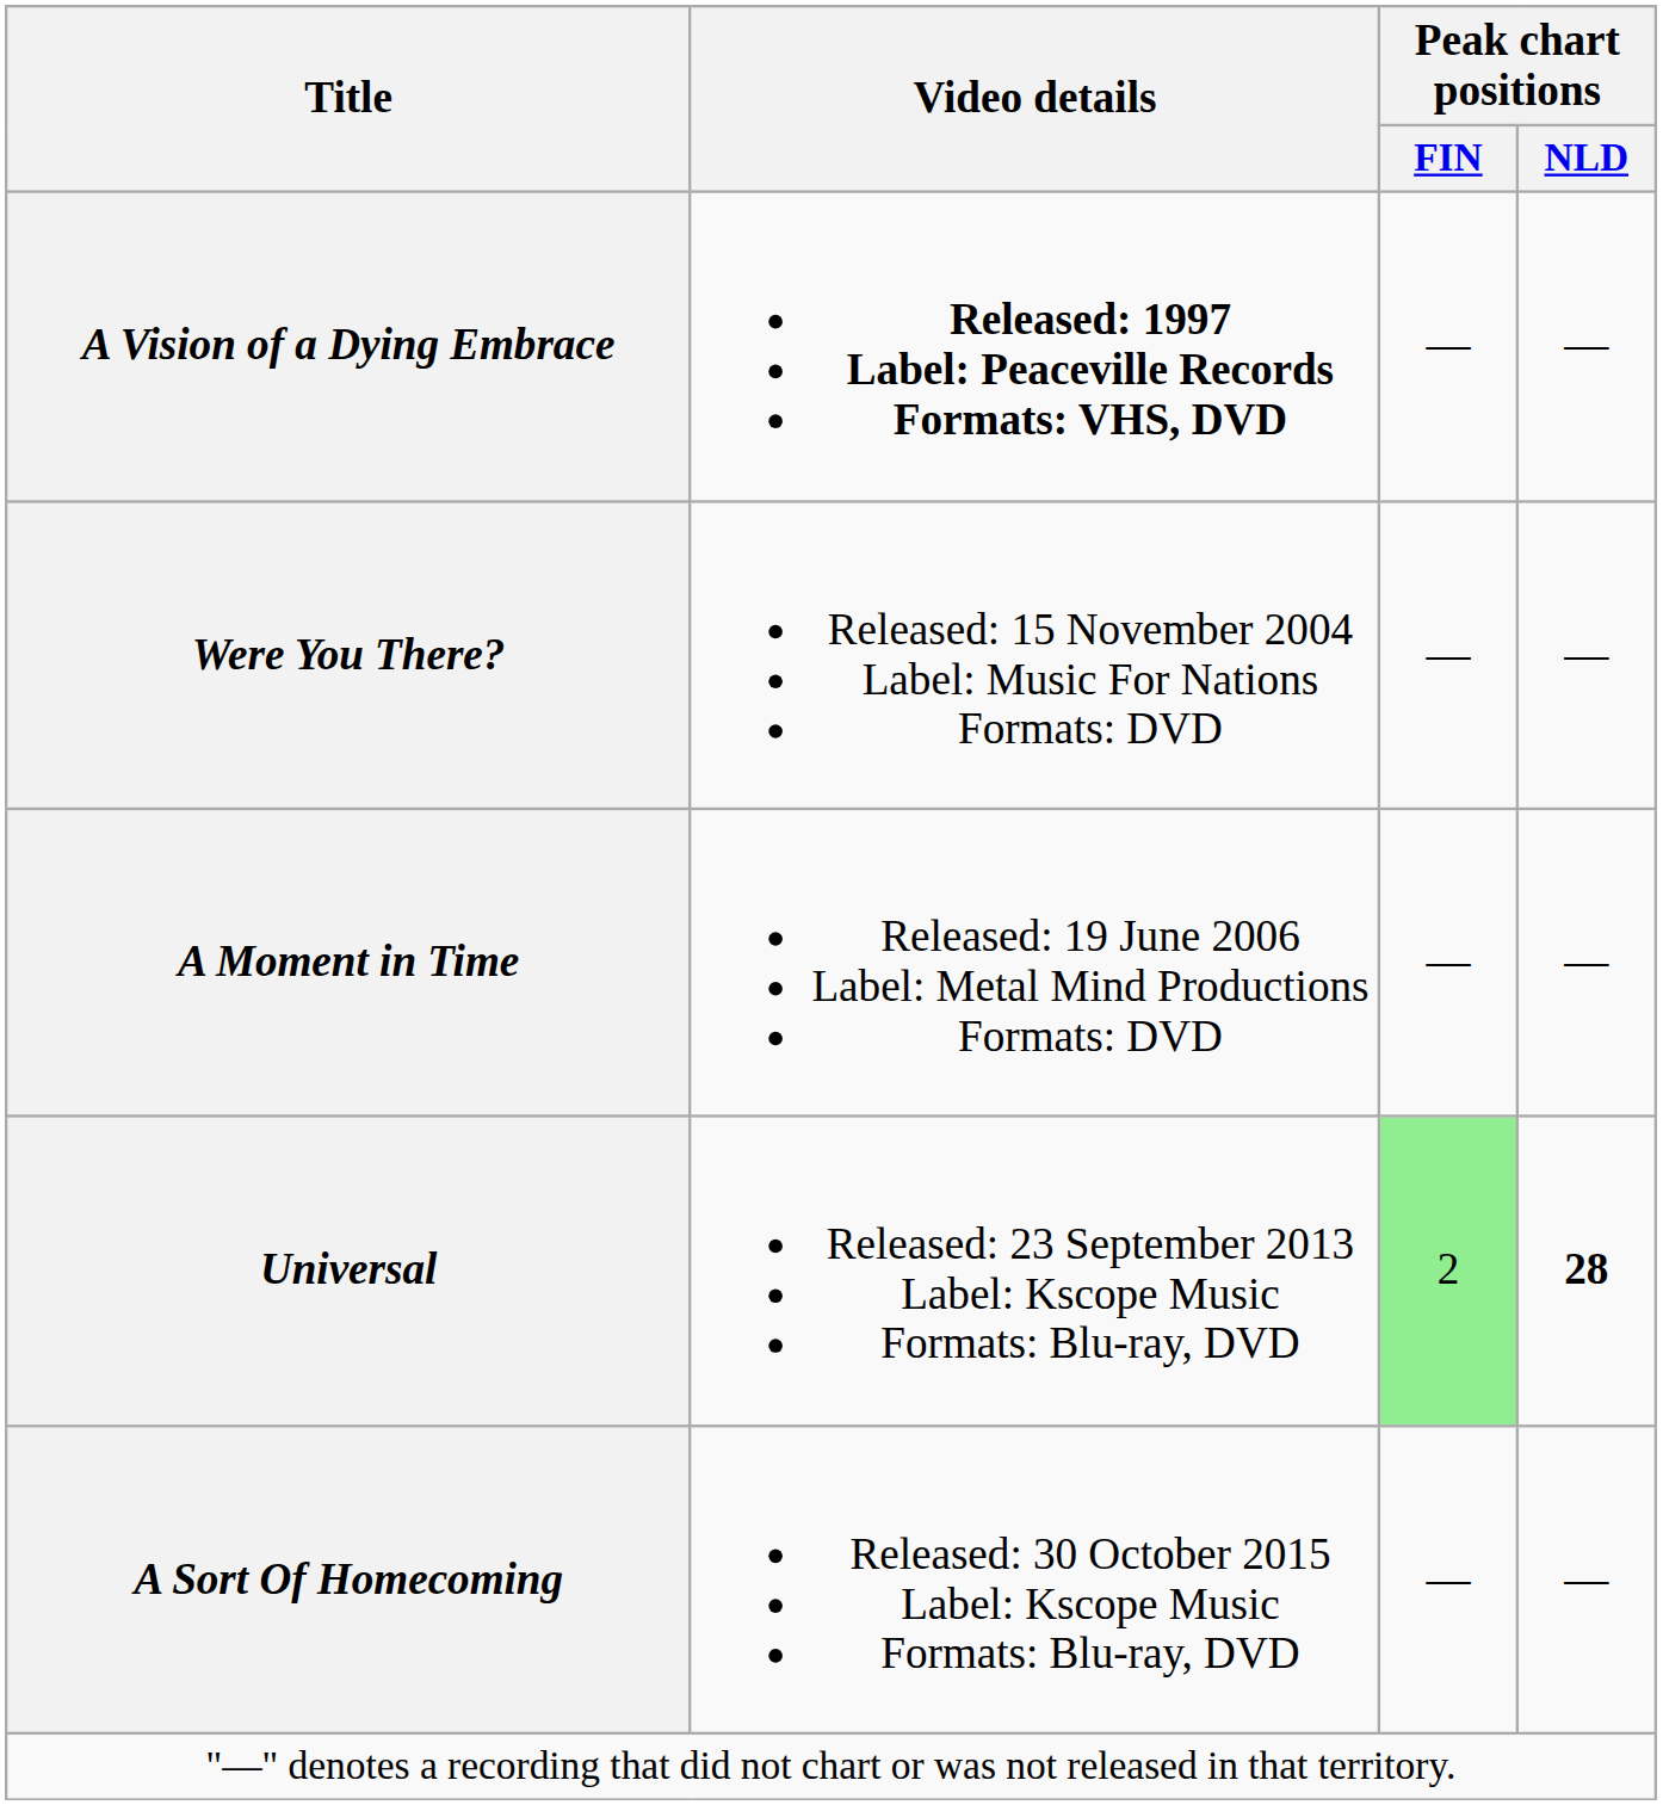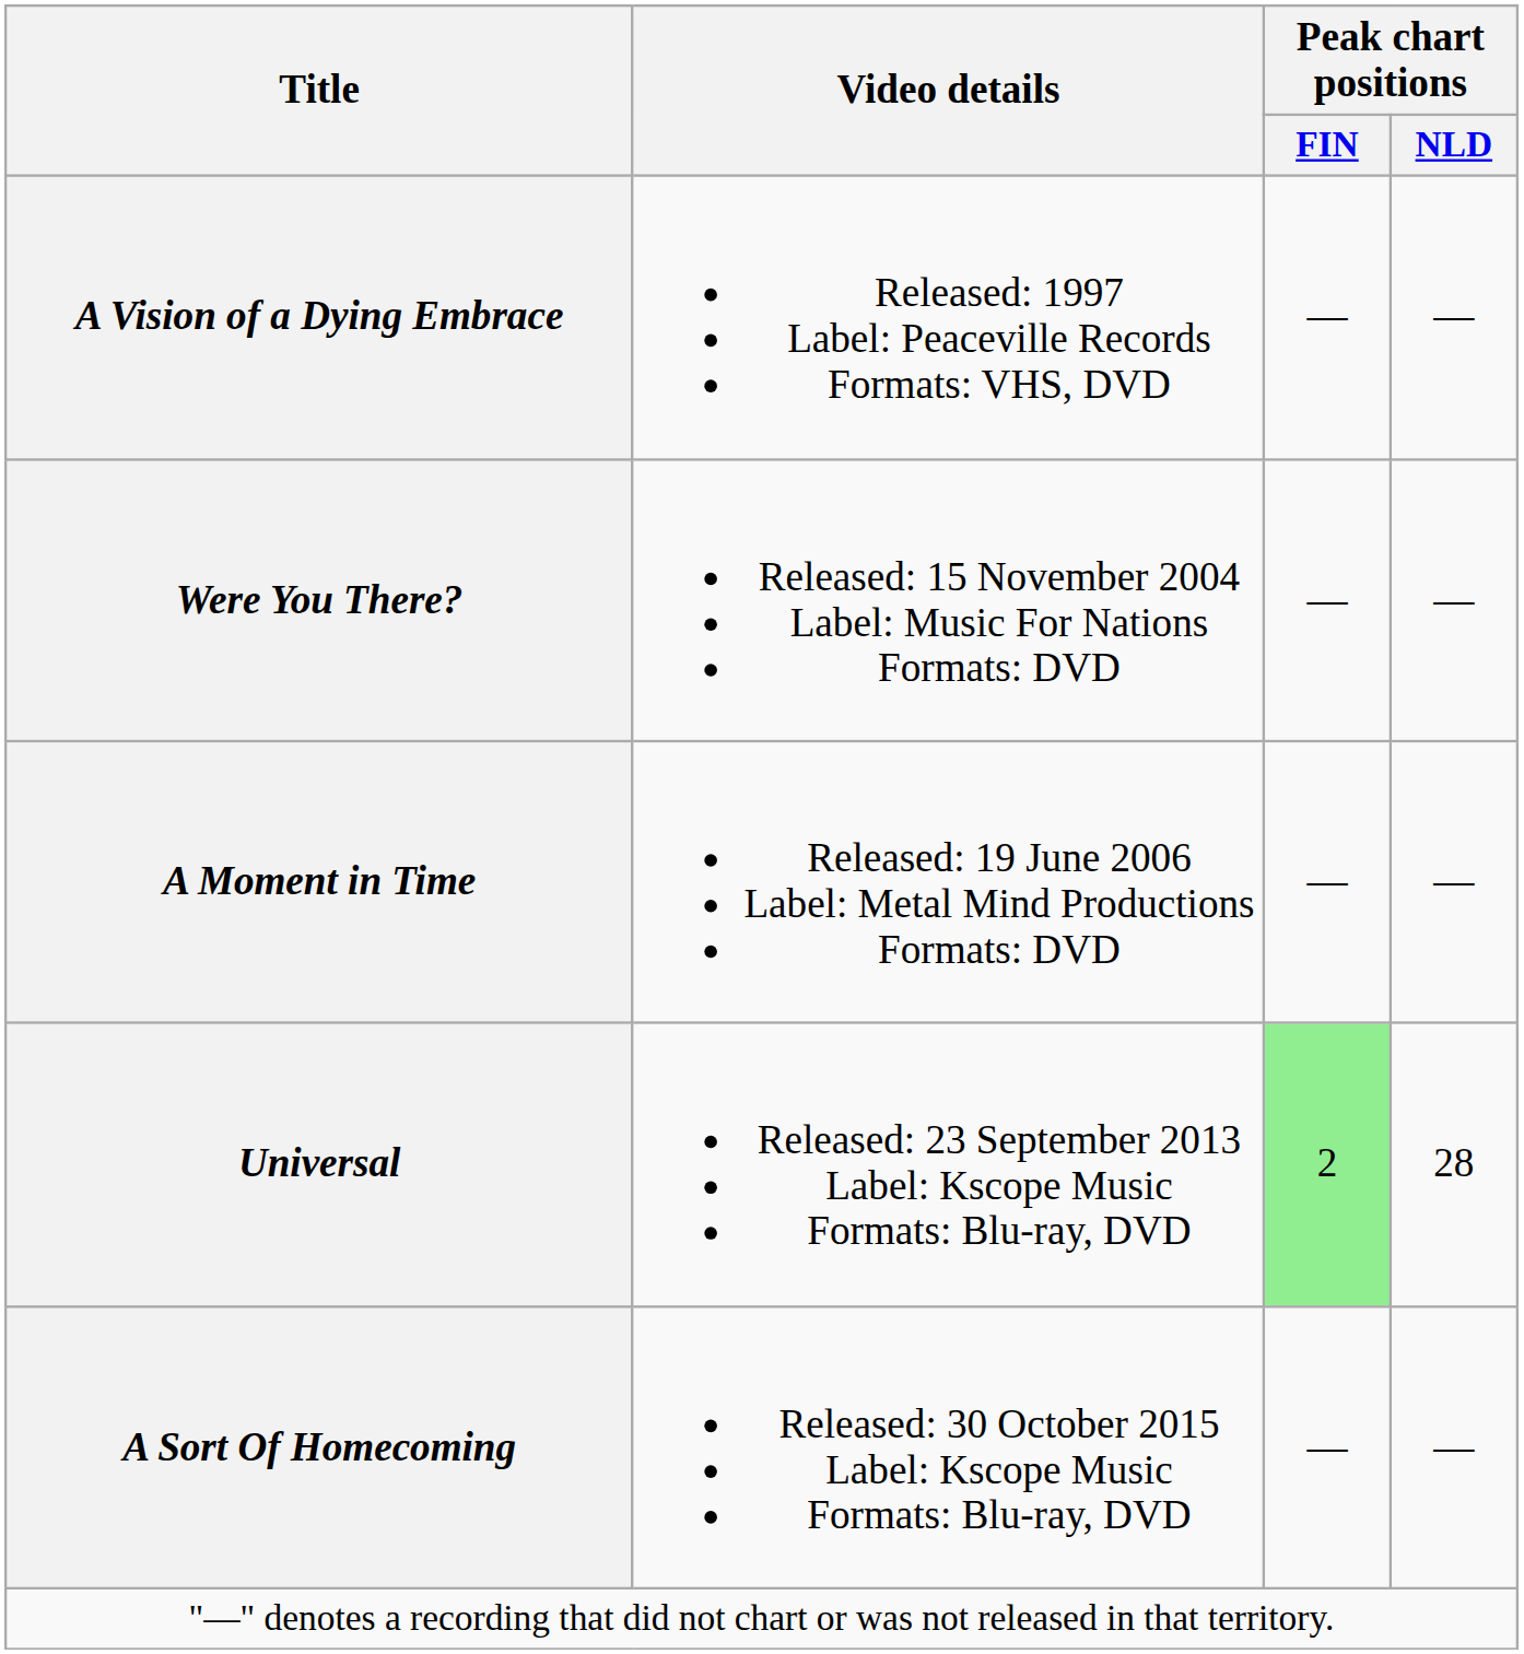 <table class="wikitable plainrowheaders" style="text-align:center;">
 <tr>
 <th scope="col" rowspan="2" style="width:15em;">Title</th>
 <th scope="col" rowspan="2">Video details</th>
 <th scope="col" colspan="2">Peak chart positions</th>
 </tr>
 <tr>
 <th scope="col" style="width:3em;font-size:90%;"><a href='#'>FIN</a><br></th>
 <th scope="col" style="width:3em;font-size:90%;"><a href='#'>NLD</a><br></th>
 </tr>
 <tr>
 <th scope="row"><em>A Vision of a Dying Embrace</em></th>
-<td><strong><br><ul><li>Released: 1997</li><li>Label: Peaceville Records</li><li>Formats: VHS, DVD</li></ul></strong></td>
+<td><br><ul><li>Released: 1997</li><li>Label: Peaceville Records</li><li>Formats: VHS, DVD</li></ul></td>
 <td>—</td>
 <td>—</td>
 </tr>
 <tr>
 <th scope="row"><em>Were You There?</em></th>
 <td><br><ul><li>Released: 15 November 2004</li><li>Label: Music For Nations</li><li>Formats: DVD</li></ul></td>
 <td>—</td>
 <td>—</td>
 </tr>
 <tr>
 <th scope="row"><em>A Moment in Time</em></th>
 <td><br><ul><li>Released: 19 June 2006</li><li>Label: Metal Mind Productions</li><li>Formats: DVD</li></ul></td>
 <td>—</td>
 <td>—</td>
 </tr>
 <tr>
 <th scope="row"><em>Universal</em></th>
 <td><br><ul><li>Released: 23 September 2013</li><li>Label: Kscope Music</li><li>Formats: Blu-ray, DVD</li></ul></td>
 <td style="background: lightgreen;">2</td>
-<td><strong>28</strong></td>
+<td>28</td>
 </tr>
 <tr>
 <th scope="row"><em>A Sort Of Homecoming</em></th>
 <td><br><ul><li>Released: 30 October 2015</li><li>Label: Kscope Music</li><li>Formats: Blu-ray, DVD</li></ul></td>
 <td>—</td>
 <td>—</td>
 </tr>
 <tr>
 <td colspan="20" style="font-size:90%">"—" denotes a recording that did not chart or was not released in that territory.</td>
 </tr>
 </table>
